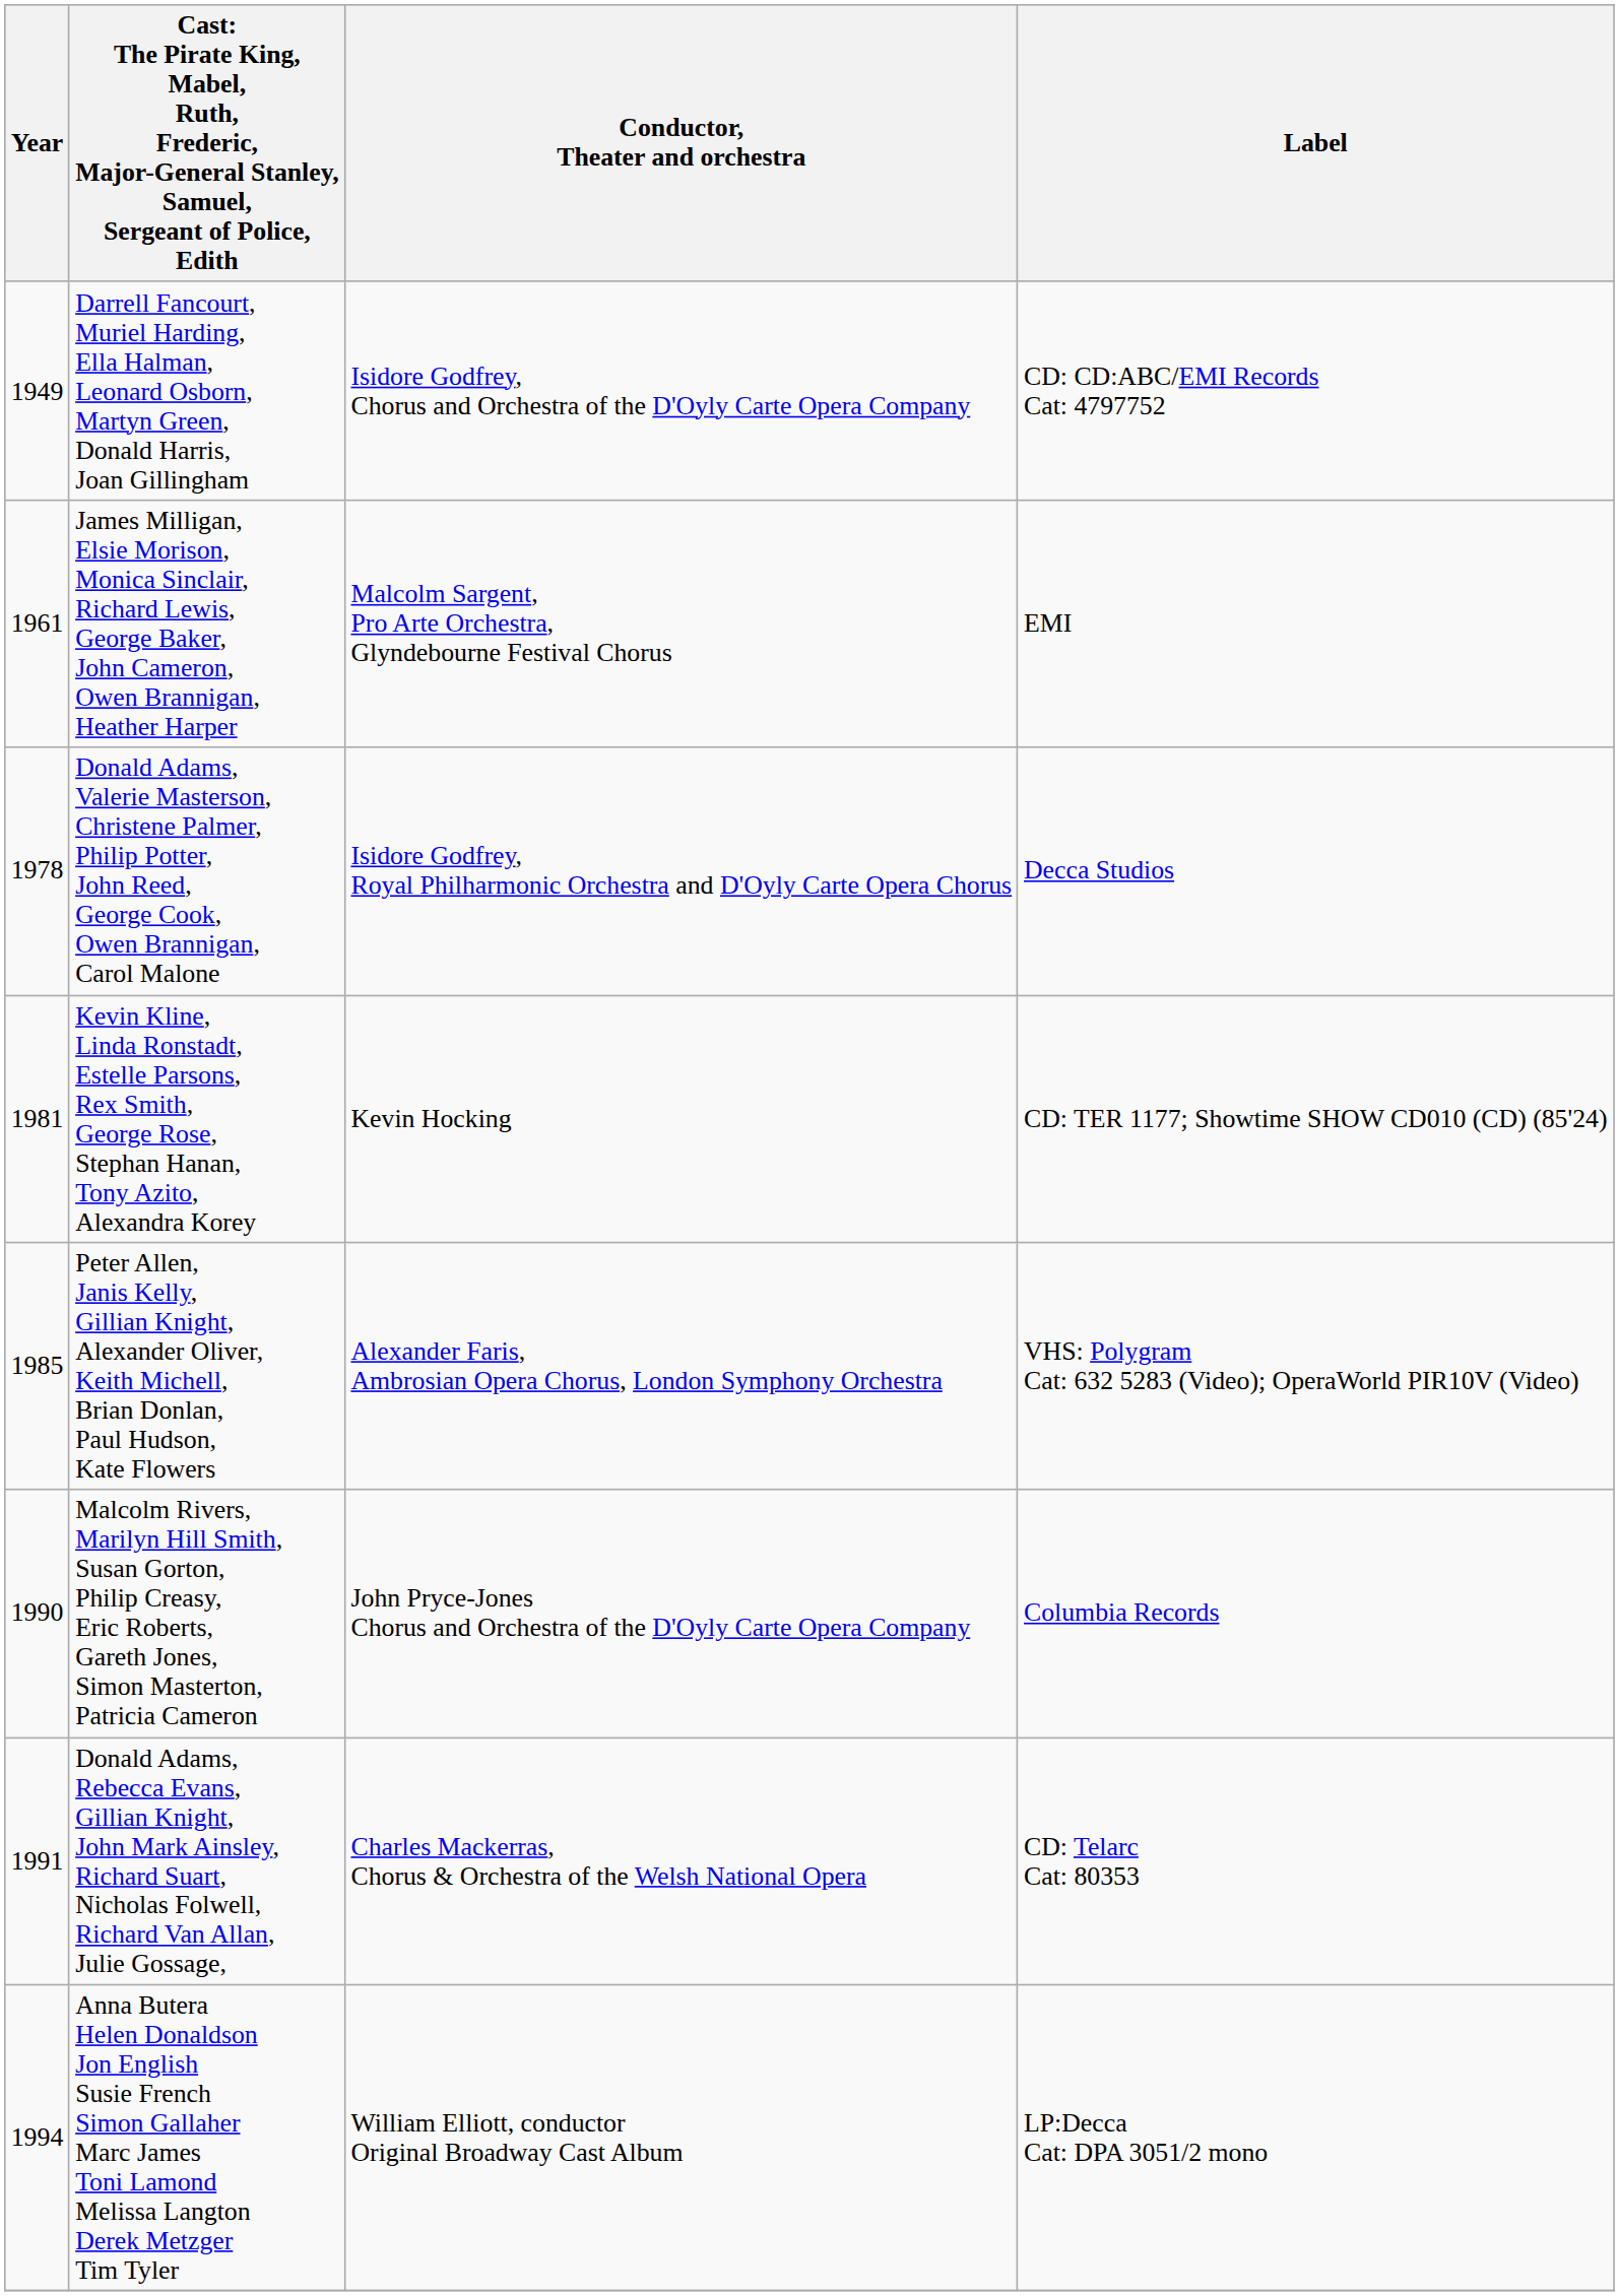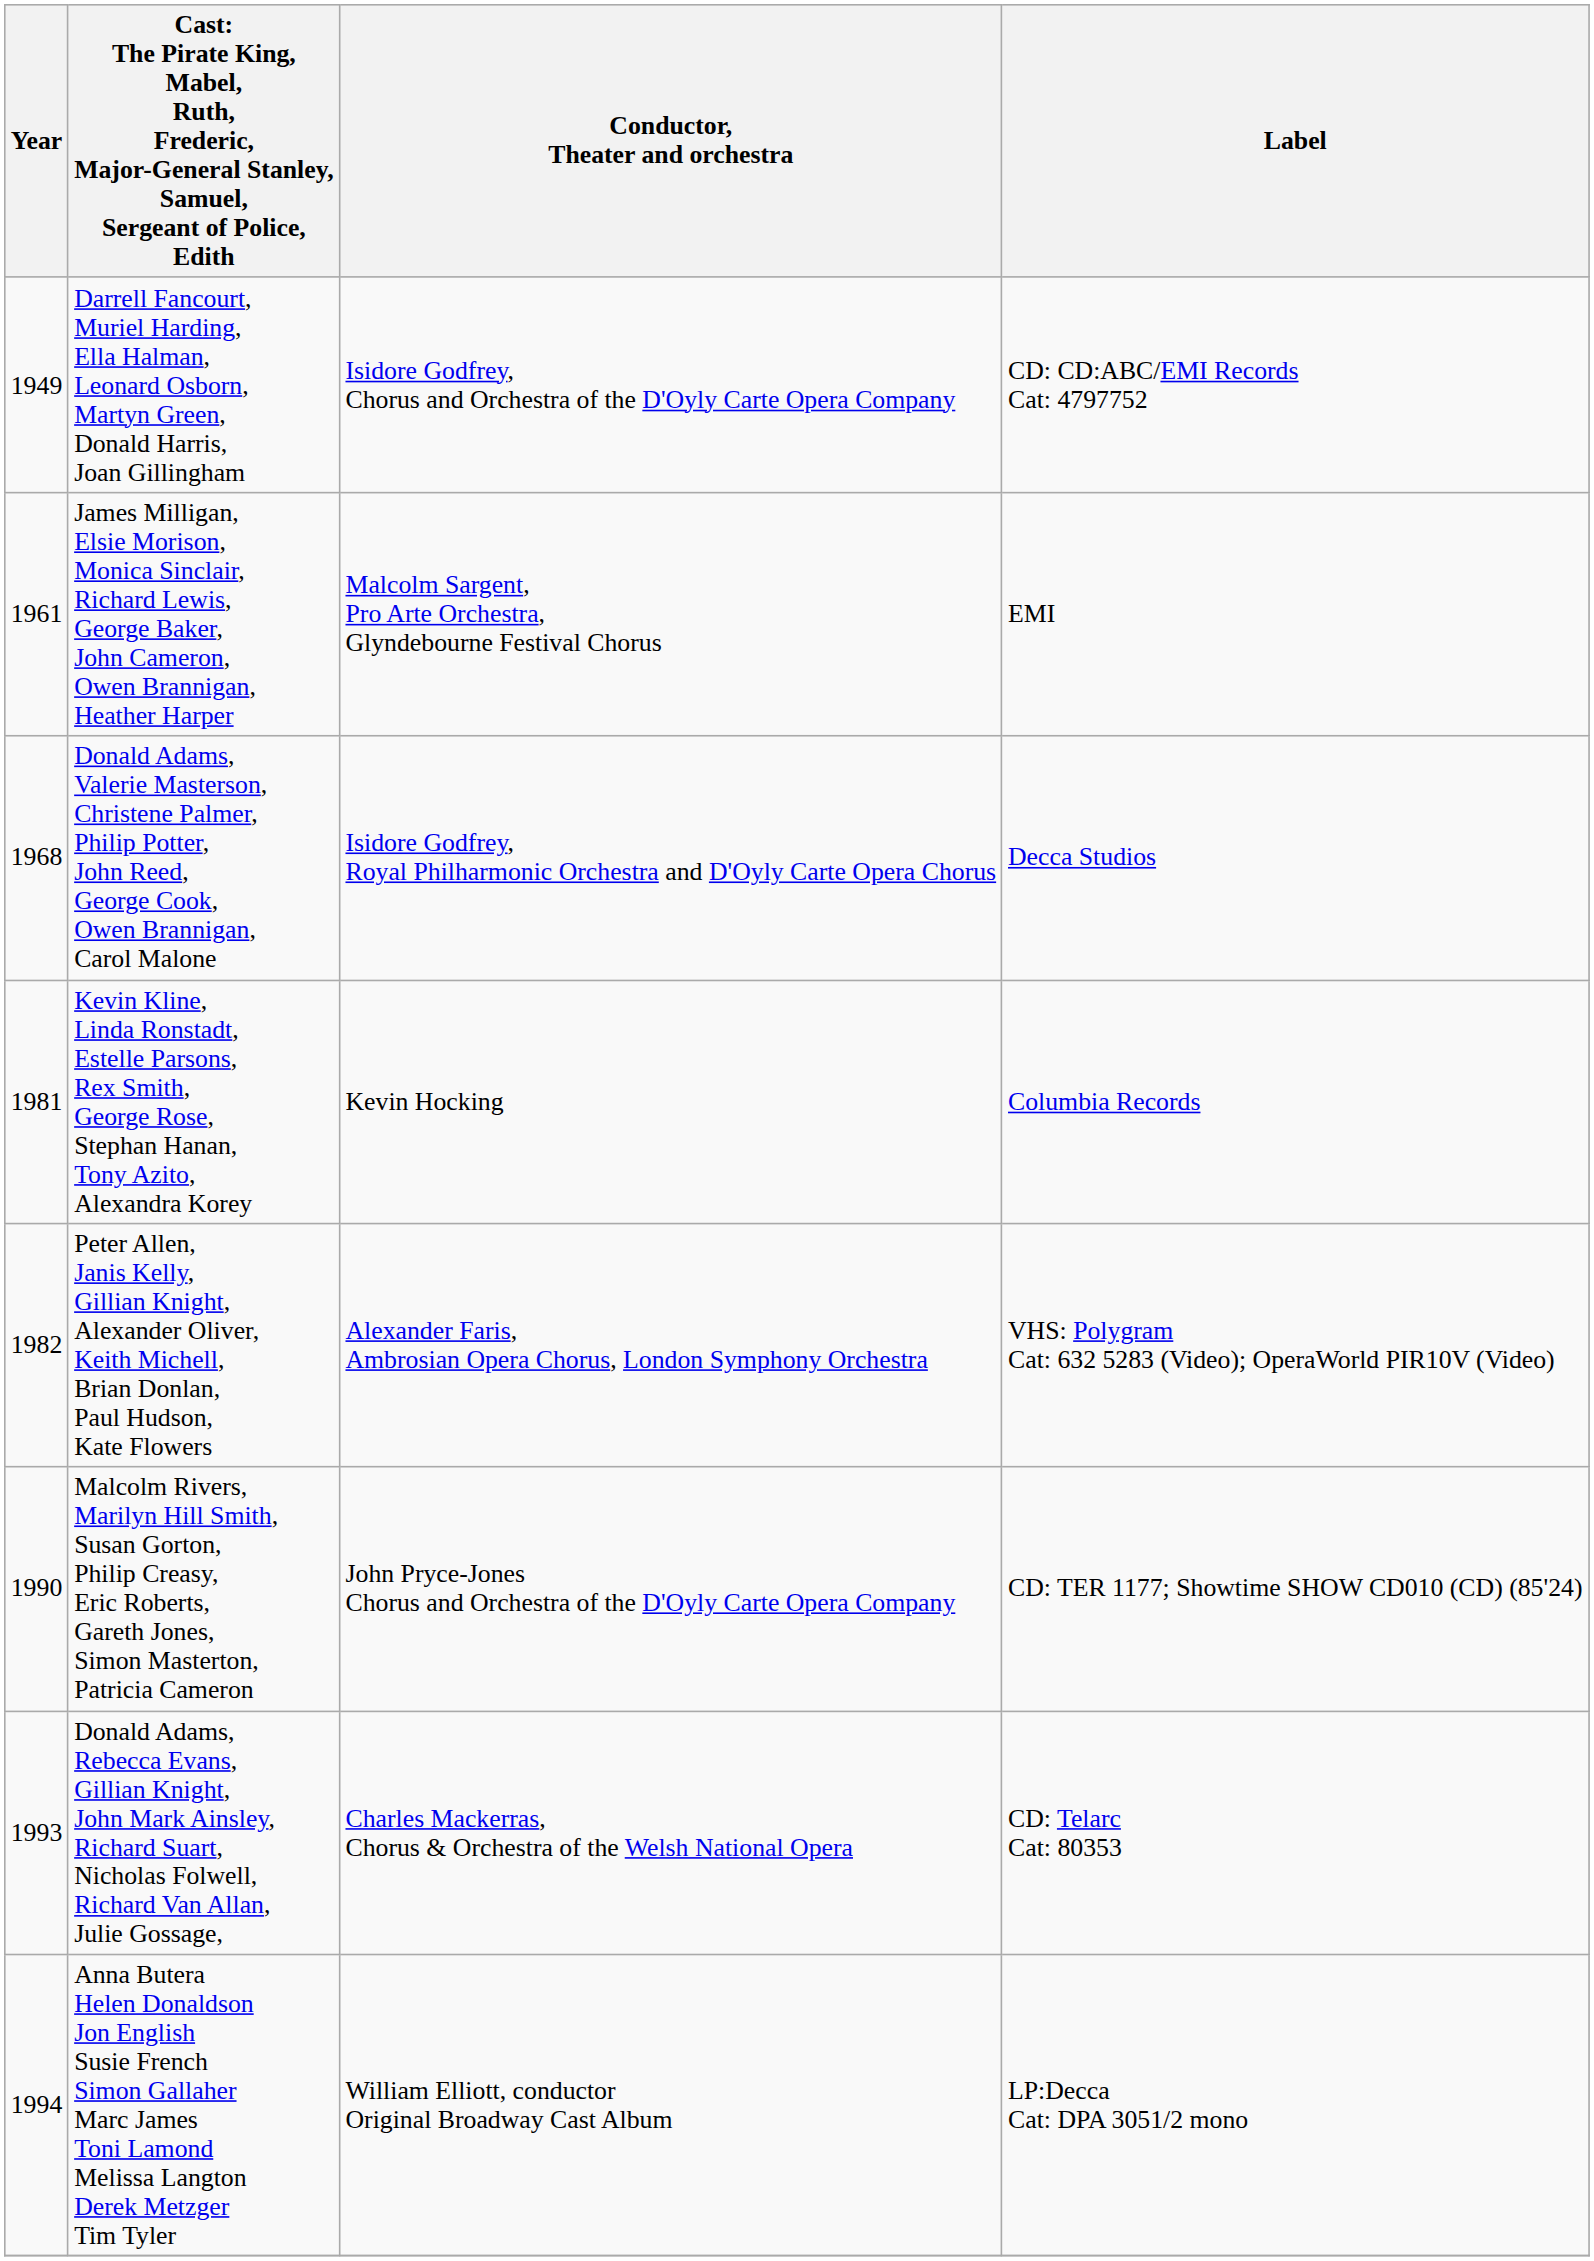 <table class="wikitable">
 <tr>
 <th>Year</th>
 <th>Cast:<br>The Pirate King,<br>Mabel,<br>Ruth,<br>Frederic,<br>Major-General Stanley,<br>Samuel,<br>Sergeant of Police,<br>Edith<br></th>
 <th>Conductor,<br>Theater and orchestra</th>
 <th>Label</th>
 </tr>
 <tr>
 <td>1949</td>
 <td><a href='#'>Darrell Fancourt</a>,<br><a href='#'>Muriel Harding</a>,<br><a href='#'>Ella Halman</a>,<br><a href='#'>Leonard Osborn</a>,<br><a href='#'>Martyn Green</a>,<br>Donald Harris,<br>Joan Gillingham</td>
 <td><a href='#'>Isidore Godfrey</a>,<br>Chorus and Orchestra of the <a href='#'>D'Oyly Carte Opera Company</a></td>
 <td>CD: CD:ABC/<a href='#'>EMI Records</a><br> Cat: 4797752</td>
 </tr>
 <tr>
 <td>1961</td>
 <td>James Milligan,<br><a href='#'>Elsie Morison</a>,<br><a href='#'>Monica Sinclair</a>,<br><a href='#'>Richard Lewis</a>,<br><a href='#'>George Baker</a>,<br><a href='#'>John Cameron</a>,<br><a href='#'>Owen Brannigan</a>,<br><a href='#'>Heather Harper</a></td>
 <td><a href='#'>Malcolm Sargent</a>,<br><a href='#'>Pro Arte Orchestra</a>,<br>Glyndebourne Festival Chorus</td>
 <td>EMI</td>
 </tr>
 <tr>
-<td>1978</td>
+<td>1968</td>
 <td><a href='#'>Donald Adams</a>,<br><a href='#'>Valerie Masterson</a>,<br><a href='#'>Christene Palmer</a>,<br><a href='#'>Philip Potter</a>,<br><a href='#'>John Reed</a>,<br><a href='#'>George Cook</a>,<br><a href='#'>Owen Brannigan</a>,<br>Carol Malone</td>
 <td><a href='#'>Isidore Godfrey</a>,<br> <a href='#'>Royal Philharmonic Orchestra</a> and <a href='#'>D'Oyly Carte Opera Chorus</a></td>
 <td><a href='#'>Decca Studios</a></td>
 </tr>
 <tr>
 <td>1981</td>
 <td><a href='#'>Kevin Kline</a>,<br><a href='#'>Linda Ronstadt</a>,<br><a href='#'>Estelle Parsons</a>,<br><a href='#'>Rex Smith</a>,<br><a href='#'>George Rose</a>,<br>Stephan Hanan,<br><a href='#'>Tony Azito</a>,<br>Alexandra Korey</td>
 <td>Kevin Hocking</td>
-<td>CD: TER 1177; Showtime SHOW CD010 (CD) (85'24)</td>
+<td><a href='#'>Columbia Records</a></td>
 </tr>
 <tr>
-<td>1985</td>
+<td>1982</td>
 <td>Peter Allen,<br><a href='#'>Janis Kelly</a>,<br><a href='#'>Gillian Knight</a>,<br>Alexander Oliver,<br><a href='#'>Keith Michell</a>,<br>Brian Donlan,<br>Paul Hudson,<br>Kate Flowers</td>
 <td><a href='#'>Alexander Faris</a>,<br> <a href='#'>Ambrosian Opera Chorus</a>, <a href='#'>London Symphony Orchestra</a></td>
 <td>VHS: <a href='#'>Polygram</a><br>Cat: 632 5283 (Video); OperaWorld PIR10V (Video)</td>
 </tr>
 <tr>
 <td>1990</td>
 <td>Malcolm Rivers,<br><a href='#'>Marilyn Hill Smith</a>,<br>Susan Gorton,<br>Philip Creasy,<br>Eric Roberts,<br>Gareth Jones,<br>Simon Masterton,<br>Patricia Cameron</td>
 <td>John Pryce-Jones<br>Chorus and Orchestra of the <a href='#'>D'Oyly Carte Opera Company</a></td>
-<td><a href='#'>Columbia Records</a></td>
+<td>CD: TER 1177; Showtime SHOW CD010 (CD) (85'24)</td>
 </tr>
 <tr>
-<td>1991</td>
+<td>1993</td>
 <td>Donald Adams,<br><a href='#'>Rebecca Evans</a>,<br><a href='#'>Gillian Knight</a>,<br><a href='#'>John Mark Ainsley</a>,<br><a href='#'>Richard Suart</a>,<br>Nicholas Folwell,<br><a href='#'>Richard Van Allan</a>,<br>Julie Gossage,<br></td>
 <td><a href='#'>Charles Mackerras</a>,<br>Chorus & Orchestra of the <a href='#'>Welsh National Opera</a></td>
 <td>CD: <a href='#'>Telarc</a><br>Cat: 80353</td>
 </tr>
 <tr>
 <td>1994</td>
 <td>Anna Butera <br> <a href='#'>Helen Donaldson</a> <br> <a href='#'>Jon English</a> <br>Susie French <br><a href='#'>Simon Gallaher</a> <br> Marc James <br> <a href='#'>Toni Lamond</a> <br> Melissa Langton <br><a href='#'>Derek Metzger</a> <br> Tim Tyler <br></td>
 <td>William Elliott, conductor<br>Original Broadway Cast Album</td>
 <td>LP:Decca<br>Cat: DPA 3051/2 mono</td>
 </tr>
 <tr>
 </tr>
 </table>
